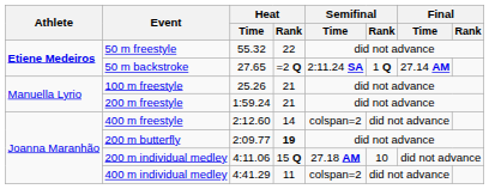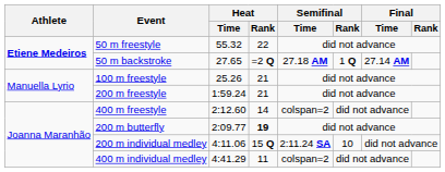 <table class=wikitable style="font-size:90%">
 <tr>
 <th rowspan="2">Athlete</th>
 <th rowspan="2">Event</th>
 <th colspan="2">Heat</th>
 <th colspan="2">Semifinal</th>
 <th colspan="2">Final</th>
 </tr>
 <tr style="font-size:95%">
 <th>Time</th>
 <th>Rank</th>
 <th>Time</th>
 <th>Rank</th>
 <th>Time</th>
 <th>Rank</th>
 </tr>
 <tr align=center>
 <td align=left rowspan=2><strong><a href='#'>Etiene Medeiros</a></strong></td>
 <td align=left><a href='#'>50 m freestyle</a></td>
 <td>55.32</td>
 <td>22</td>
 <td colspan=4>did not advance</td>
 </tr>
 <tr align=center>
 <td align=left><a href='#'>50 m backstroke</a></td>
 <td>27.65</td>
 <td>=2 <strong>Q</strong></td>
-<td>2:11.24 <strong><a href='#'>SA</a></strong></td>
+<td>27.18 <strong><a href='#'>AM</a></strong></td>
 <td>1 <strong>Q</strong></td>
 <td>27.14 <strong><a href='#'>AM</a></strong></td>
 <td></td>
 </tr>
 <tr align=center>
 <td align=left rowspan=2><a href='#'>Manuella Lyrio</a></td>
 <td align=left><a href='#'>100 m freestyle</a></td>
 <td>25.26</td>
 <td>21</td>
 <td colspan=4>did not advance</td>
 </tr>
 <tr align=center>
 <td align=left><a href='#'>200 m freestyle</a></td>
 <td>1:59.24</td>
 <td>21</td>
 <td colspan=4>did not advance</td>
 </tr>
 <tr align=center>
 <td align=left rowspan=4><a href='#'>Joanna Maranhão</a></td>
 <td align=left><a href='#'>400 m freestyle</a></td>
 <td>2:12.60</td>
 <td>14</td>
 <td>colspan=2 </td>
 <td colspan=2>did not advance</td>
 </tr>
 <tr align=center>
 <td align=left><a href='#'>200 m butterfly</a></td>
 <td>2:09.77</td>
 <td><strong>19</strong></td>
 <td colspan=4>did not advance</td>
 </tr>
 <tr align=center>
 <td align=left><a href='#'>200 m individual medley</a></td>
 <td>4:11.06</td>
 <td>15 <strong>Q</strong></td>
-<td>27.18 <strong><a href='#'>AM</a></strong></td>
+<td>2:11.24 <strong><a href='#'>SA</a></strong></td>
 <td>10</td>
 <td colspan=2>did not advance</td>
 </tr>
 <tr align=center>
 <td align=left><a href='#'>400 m individual medley</a></td>
 <td>4:41.29</td>
 <td>11</td>
 <td>colspan=2 </td>
 <td colspan=2>did not advance</td>
 </tr>
 </table>
